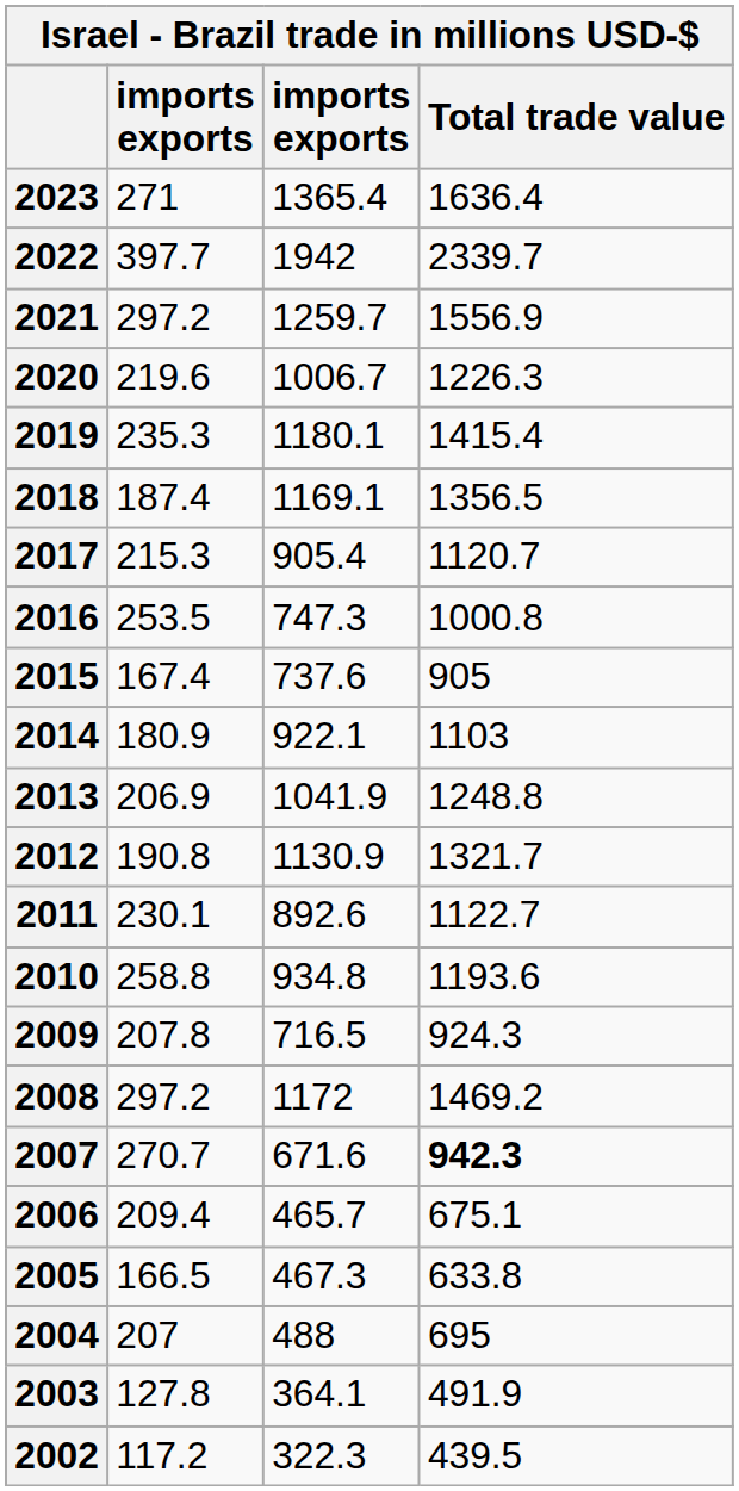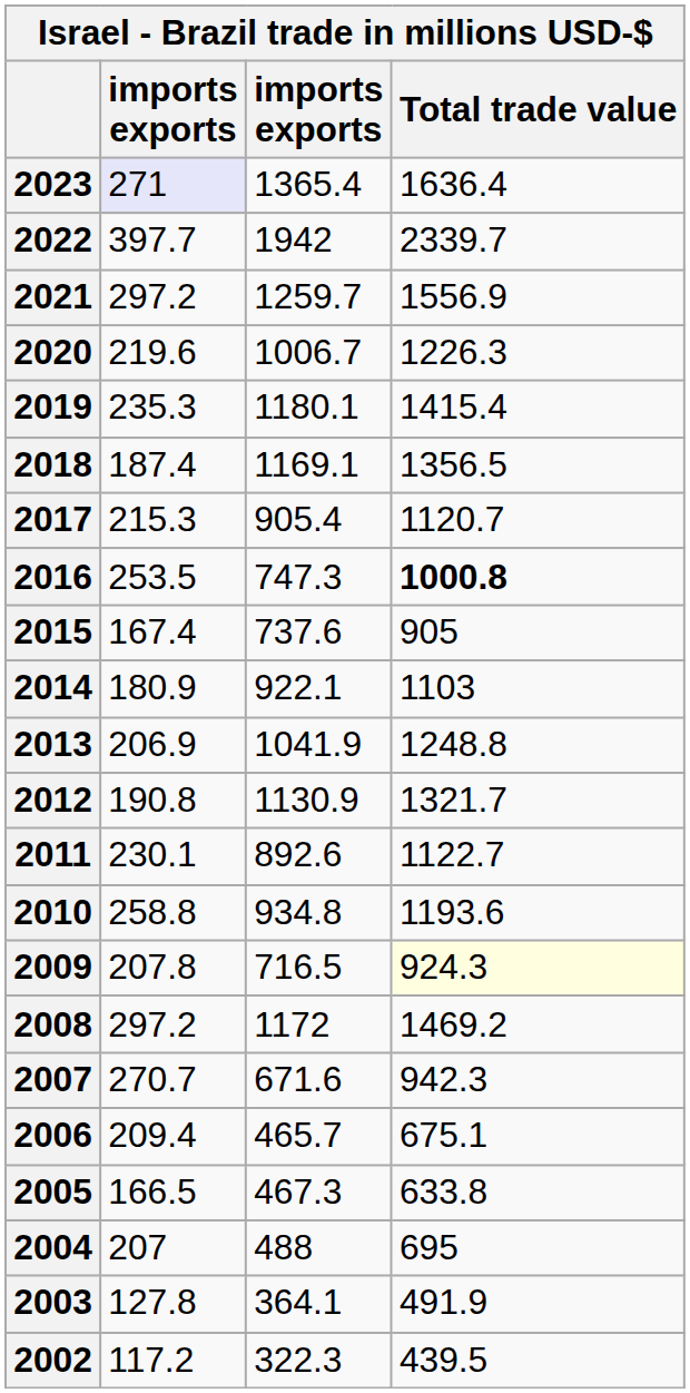 <table class="wikitable mw-collapsible mw-collapsed">
 <tr>
 <th colspan="4">Israel - Brazil trade in millions USD-$</th>
 </tr>
 <tr>
 <th></th>
 <th> imports<br> exports</th>
 <th> imports<br> exports</th>
 <th>Total trade value</th>
 </tr>
 <tr>
 <th>2023</th>
-<td>271</td>
+<td style="background: lavender;">271</td>
 <td>1365.4</td>
 <td>1636.4</td>
 </tr>
 <tr>
 <th>2022</th>
 <td>397.7</td>
 <td>1942</td>
 <td>2339.7</td>
 </tr>
 <tr>
 <th>2021</th>
 <td>297.2</td>
 <td>1259.7</td>
 <td>1556.9</td>
 </tr>
 <tr>
 <th>2020</th>
 <td>219.6</td>
 <td>1006.7</td>
 <td>1226.3</td>
 </tr>
 <tr>
 <th>2019</th>
 <td>235.3</td>
 <td>1180.1</td>
 <td>1415.4</td>
 </tr>
 <tr>
 <th>2018</th>
 <td>187.4</td>
 <td>1169.1</td>
 <td>1356.5</td>
 </tr>
 <tr>
 <th>2017</th>
 <td>215.3</td>
 <td>905.4</td>
 <td>1120.7</td>
 </tr>
 <tr>
 <th>2016</th>
 <td>253.5</td>
 <td>747.3</td>
-<td>1000.8</td>
+<td><strong>1000.8</strong></td>
 </tr>
 <tr>
 <th>2015</th>
 <td>167.4</td>
 <td>737.6</td>
 <td>905</td>
 </tr>
 <tr>
 <th>2014</th>
 <td>180.9</td>
 <td>922.1</td>
 <td>1103</td>
 </tr>
 <tr>
 <th>2013</th>
 <td>206.9</td>
 <td>1041.9</td>
 <td>1248.8</td>
 </tr>
 <tr>
 <th>2012</th>
 <td>190.8</td>
 <td>1130.9</td>
 <td>1321.7</td>
 </tr>
 <tr>
 <th>2011</th>
 <td>230.1</td>
 <td>892.6</td>
 <td>1122.7</td>
 </tr>
 <tr>
 <th>2010</th>
 <td>258.8</td>
 <td>934.8</td>
 <td>1193.6</td>
 </tr>
 <tr>
 <th>2009</th>
 <td>207.8</td>
 <td>716.5</td>
-<td>924.3</td>
+<td style="background: lightyellow;">924.3</td>
 </tr>
 <tr>
 <th>2008</th>
 <td>297.2</td>
 <td>1172</td>
 <td>1469.2</td>
 </tr>
 <tr>
 <th>2007</th>
 <td>270.7</td>
 <td>671.6</td>
-<td><strong>942.3</strong></td>
+<td>942.3</td>
 </tr>
 <tr>
 <th>2006</th>
 <td>209.4</td>
 <td>465.7</td>
 <td>675.1</td>
 </tr>
 <tr>
 <th>2005</th>
 <td>166.5</td>
 <td>467.3</td>
 <td>633.8</td>
 </tr>
 <tr>
 <th>2004</th>
 <td>207</td>
 <td>488</td>
 <td>695</td>
 </tr>
 <tr>
 <th>2003</th>
 <td>127.8</td>
 <td>364.1</td>
 <td>491.9</td>
 </tr>
 <tr>
 <th>2002</th>
 <td>117.2</td>
 <td>322.3</td>
 <td>439.5</td>
 </tr>
 </table>
